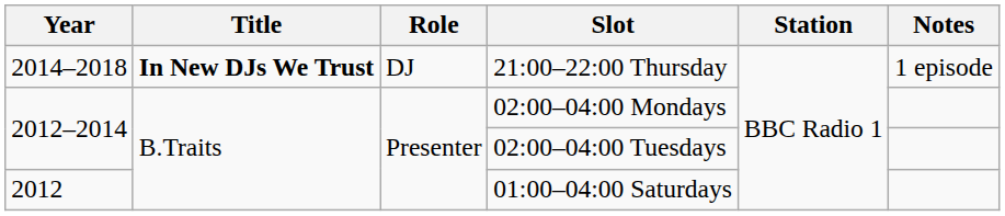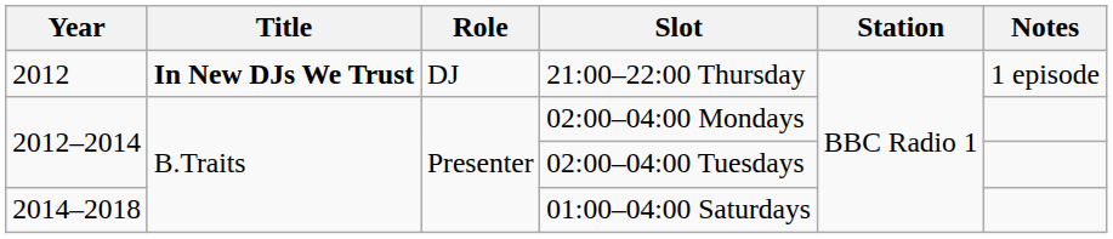 <table class="wikitable">
 <tr>
 <th>Year</th>
 <th>Title</th>
 <th>Role</th>
 <th>Slot</th>
 <th>Station</th>
 <th>Notes</th>
 </tr>
 <tr>
-<td>2014–2018</td>
+<td>2012</td>
 <td><strong>In New DJs We Trust</strong></td>
 <td>DJ</td>
 <td>21:00–22:00 Thursday</td>
 <td rowspan="4">BBC Radio 1</td>
 <td>1 episode</td>
 </tr>
 <tr>
 <td rowspan="2">2012–2014</td>
 <td rowspan="3">B.Traits</td>
 <td rowspan="3">Presenter</td>
 <td>02:00–04:00 Mondays</td>
 <td></td>
 </tr>
 <tr>
 <td>02:00–04:00 Tuesdays</td>
 <td></td>
 </tr>
 <tr>
-<td>2012</td>
+<td>2014–2018</td>
 <td>01:00–04:00 Saturdays</td>
 <td></td>
 </tr>
 </table>
